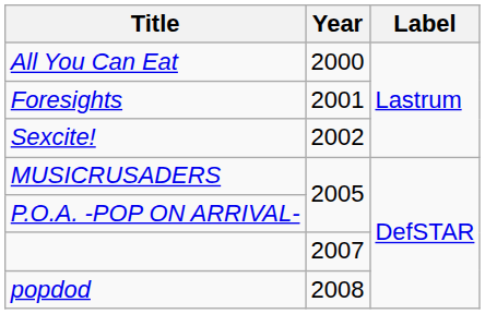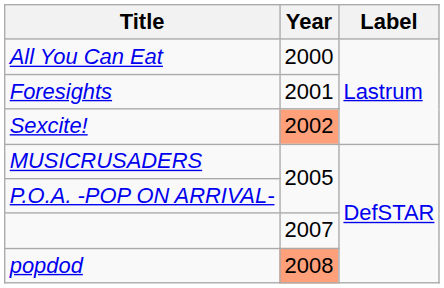 <table class="wikitable">
 <tr>
 <th>Title</th>
 <th>Year</th>
 <th>Label</th>
 </tr>
 <tr>
 <td><em><a href='#'>All You Can Eat</a></em></td>
 <td>2000</td>
 <td rowspan="3"><a href='#'>Lastrum</a></td>
 </tr>
 <tr>
 <td><em><a href='#'>Foresights</a></em></td>
 <td>2001</td>
 </tr>
 <tr>
 <td><em><a href='#'>Sexcite!</a></em></td>
-<td>2002</td>
+<td style="background: lightsalmon;">2002</td>
 </tr>
 <tr>
 <td><em><a href='#'>MUSICRUSADERS</a></em></td>
 <td rowspan="2">2005</td>
 <td rowspan="4"><a href='#'>DefSTAR</a></td>
 </tr>
 <tr>
 <td><em><a href='#'>P.O.A. -POP ON ARRIVAL-</a></em></td>
 </tr>
 <tr>
 <td></td>
 <td>2007</td>
 </tr>
 <tr>
 <td><em><a href='#'>popdod</a></em></td>
-<td>2008</td>
+<td style="background: lightsalmon;">2008</td>
 </tr>
 </table>
